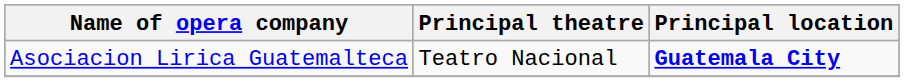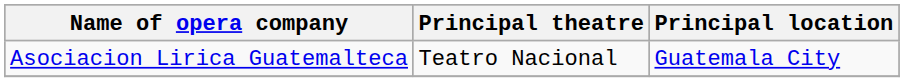 <table class="wikitable">
 <tr>
 <th>Name of <a href='#'>opera</a> company</th>
 <th>Principal theatre</th>
 <th>Principal location</th>
 </tr>
 <tr>
 <td><a href='#'>Asociacion Lirica Guatemalteca</a></td>
 <td>Teatro Nacional</td>
-<td><strong><a href='#'>Guatemala City</a></strong></td>
+<td><a href='#'>Guatemala City</a></td>
 </tr>
 <tr>
 </tr>
 </table>
